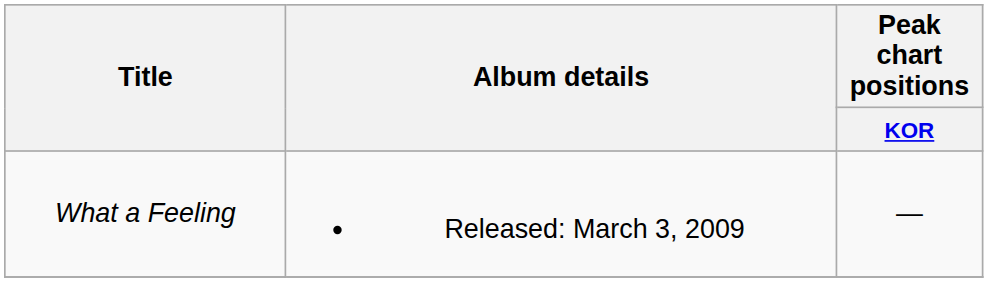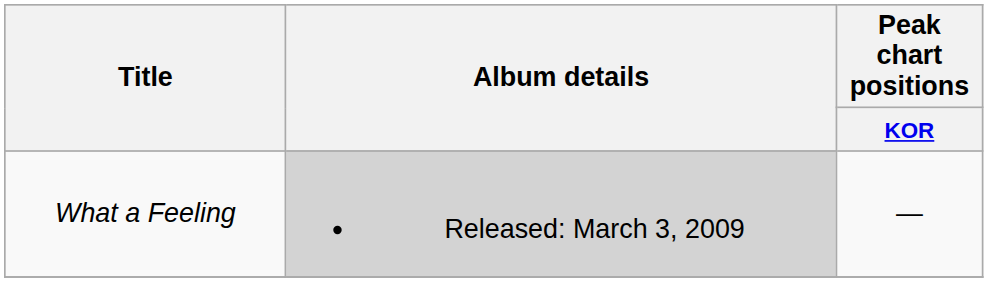 <table class="wikitable plainrowheaders" style="text-align:center;">
 <tr>
 <th scope="col" rowspan="2" style="width:10em;">Title</th>
 <th scope="col" rowspan="2" style="width:20em;">Album details</th>
 <th scope="col" colspan="1" style="width:5em;">Peak chart <br> positions</th>
 </tr>
 <tr>
 <th><small><a href='#'>KOR</a></small><br></th>
 </tr>
 <tr>
 <td><em>What a Feeling</em></td>
-<td><br><ul><li>Released: March 3, 2009</li></ul></td>
+<td style="background: lightgrey;"><br><ul><li>Released: March 3, 2009</li></ul></td>
 <td>—</td>
 </tr>
 <tr>
 </tr>
 </table>
